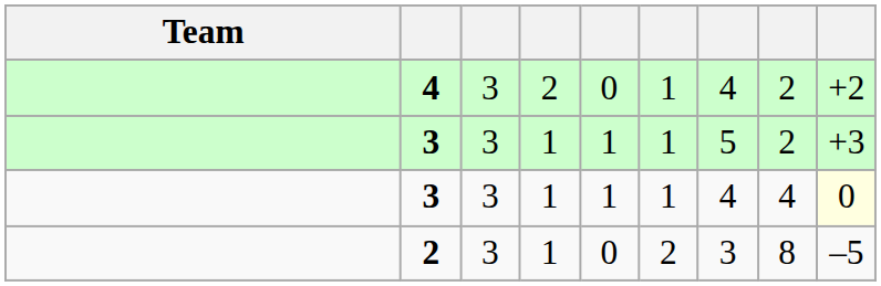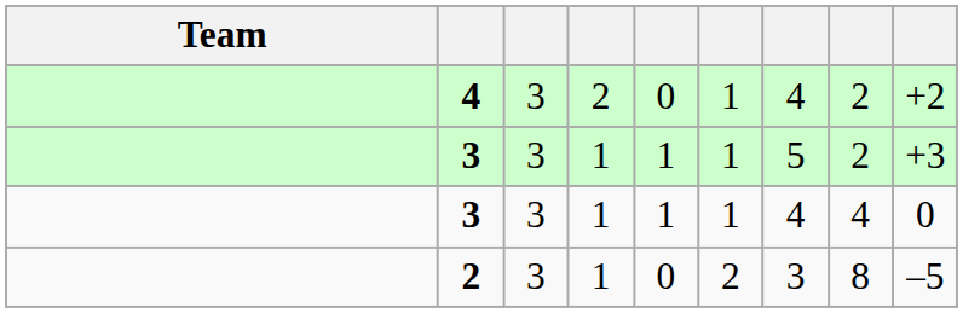 <table class="wikitable" style="text-align:center">
 <tr>
 <th width="175">Team</th>
 <th width="20"></th>
 <th width="20"></th>
 <th width="20"></th>
 <th width="20"></th>
 <th width="20"></th>
 <th width="20"></th>
 <th width="20"></th>
 <th width="20"></th>
 </tr>
 <tr bgcolor=#CCFFCC>
 <td align=left></td>
 <td><strong>4</strong></td>
 <td>3</td>
 <td>2</td>
 <td>0</td>
 <td>1</td>
 <td>4</td>
 <td>2</td>
 <td>+2</td>
 </tr>
 <tr bgcolor=#CCFFCC>
 <td align=left></td>
 <td><strong>3</strong></td>
 <td>3</td>
 <td>1</td>
 <td>1</td>
 <td>1</td>
 <td>5</td>
 <td>2</td>
 <td>+3</td>
 </tr>
 <tr>
 <td align=left></td>
 <td><strong>3</strong></td>
 <td>3</td>
 <td>1</td>
 <td>1</td>
 <td>1</td>
 <td>4</td>
 <td>4</td>
-<td style="background: lightyellow;">0</td>
+<td>0</td>
 </tr>
 <tr>
 <td align=left></td>
 <td><strong>2</strong></td>
 <td>3</td>
 <td>1</td>
 <td>0</td>
 <td>2</td>
 <td>3</td>
 <td>8</td>
 <td>–5</td>
 </tr>
 </table>
